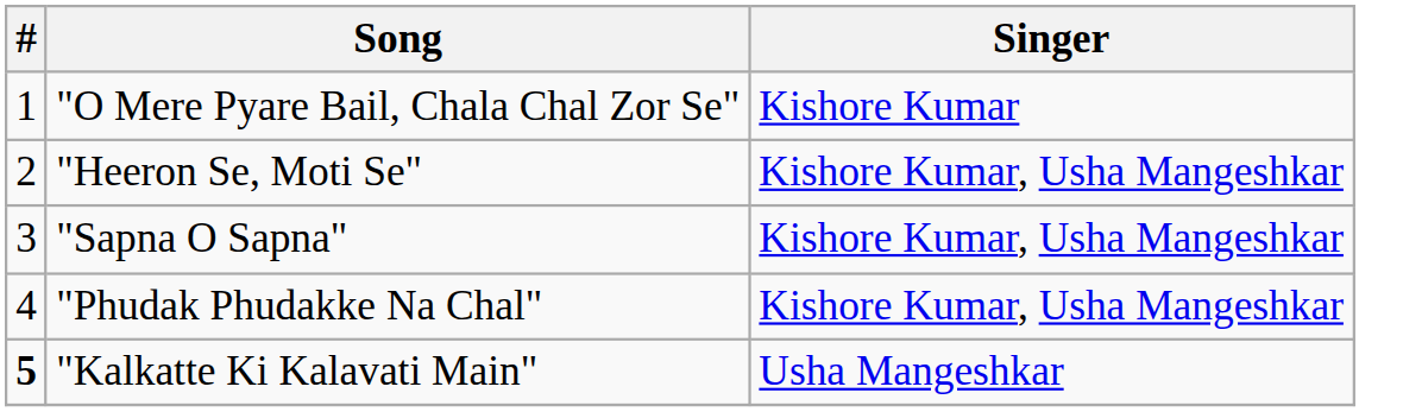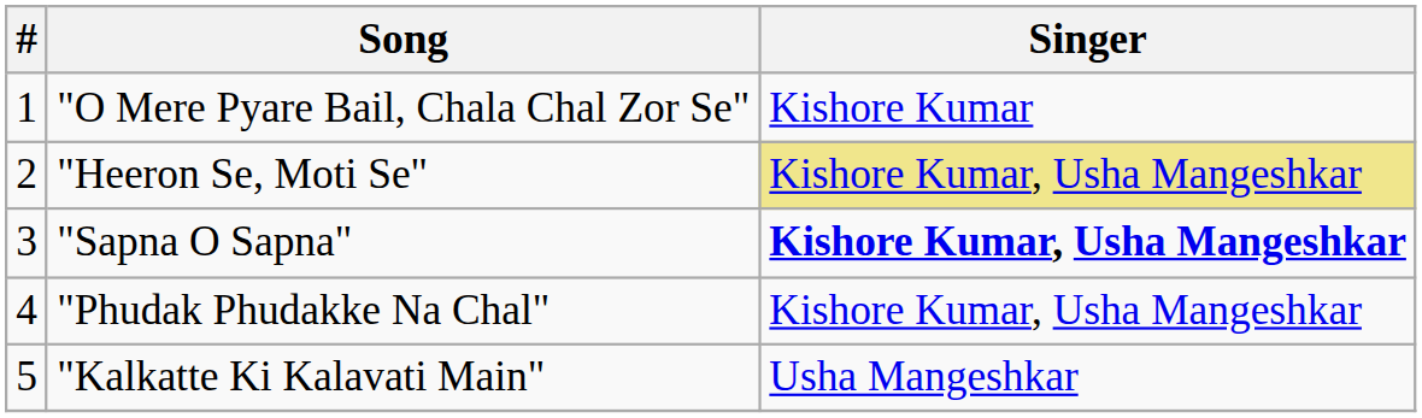 <table class="wikitable">
 <tr>
 <th>#</th>
 <th>Song</th>
 <th>Singer</th>
 </tr>
 <tr>
 <td>1</td>
 <td>"O Mere Pyare Bail, Chala Chal Zor Se"</td>
 <td><a href='#'>Kishore Kumar</a></td>
 </tr>
 <tr>
 <td>2</td>
 <td>"Heeron Se, Moti Se"</td>
-<td><a href='#'>Kishore Kumar</a>, <a href='#'>Usha Mangeshkar</a></td>
+<td style="background: khaki;"><a href='#'>Kishore Kumar</a>, <a href='#'>Usha Mangeshkar</a></td>
 </tr>
 <tr>
 <td>3</td>
 <td>"Sapna O Sapna"</td>
-<td><a href='#'>Kishore Kumar</a>, <a href='#'>Usha Mangeshkar</a></td>
+<td><strong><a href='#'>Kishore Kumar</a>, <a href='#'>Usha Mangeshkar</a></strong></td>
 </tr>
 <tr>
 <td>4</td>
 <td>"Phudak Phudakke Na Chal"</td>
 <td><a href='#'>Kishore Kumar</a>, <a href='#'>Usha Mangeshkar</a></td>
 </tr>
 <tr>
-<td><strong>5</strong></td>
+<td>5</td>
 <td>"Kalkatte Ki Kalavati Main"</td>
 <td><a href='#'>Usha Mangeshkar</a></td>
 </tr>
 <tr>
 </tr>
 </table>
